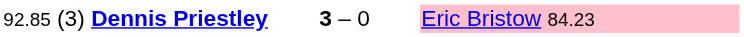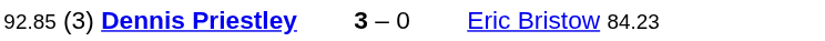 <table style="text-align:center">
 <tr>
 <th width=223></th>
 <th width=100></th>
 <th width=223></th>
 </tr>
 <tr>
 <td align=right><small>92.85</small> (3) <strong><a href='#'>Dennis Priestley</a></strong> </td>
 <td><strong>3</strong> – 0</td>
-<td align=left style="background: pink;"> <a href='#'>Eric Bristow</a> <small>84.23</small></td>
+<td align=left> <a href='#'>Eric Bristow</a> <small>84.23</small></td>
 </tr>
 </table>
